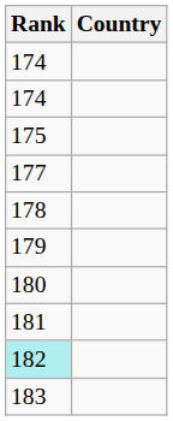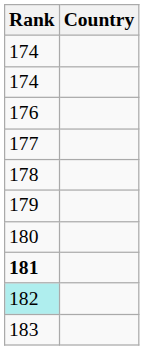 <table class="wikitable">
 <tr>
 <th>Rank</th>
 <th>Country</th>
 </tr>
 <tr>
 <td>174</td>
 <td></td>
 </tr>
 <tr>
 <td>174</td>
 <td></td>
 </tr>
 <tr>
-<td>175</td>
+<td>176</td>
 <td></td>
 </tr>
 <tr>
 <td>177</td>
 <td></td>
 </tr>
 <tr>
 <td>178</td>
 <td></td>
 </tr>
 <tr>
 <td>179</td>
 <td></td>
 </tr>
 <tr>
 <td>180</td>
 <td></td>
 </tr>
 <tr>
-<td>181</td>
+<td><strong>181</strong></td>
 <td></td>
 </tr>
 <tr>
 <td style="background: paleturquoise;">182</td>
 <td></td>
 </tr>
 <tr>
 <td>183</td>
 <td></td>
 </tr>
 </table>
